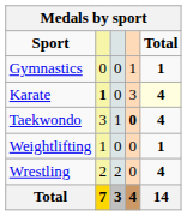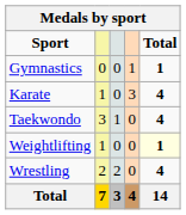 <table class="wikitable" style="font-size:85%;float:right;clear:right;">
 <tr style="background:#efefef;">
 <th colspan=5><strong>Medals by sport</strong></th>
 </tr>
 <tr align=center>
 <td><strong>Sport</strong></td>
 <td bgcolor=#f7f6a8></td>
 <td bgcolor=#dce5e5></td>
 <td bgcolor=#ffdab9></td>
 <td><strong>Total</strong></td>
 </tr>
 <tr align=center>
 <td align="left"><a href='#'>Gymnastics</a></td>
 <td style="background:#F7F6A8;">0</td>
 <td style="background:#DCE5E5;">0</td>
 <td style="background:#FFDAB9;">1</td>
 <td><strong>1</strong></td>
 </tr>
 <tr align=center>
 <td align="left"><a href='#'>Karate</a></td>
-<td style="background:#F7F6A8;"><strong>1</strong></td>
+<td style="background:#F7F6A8;">1</td>
 <td style="background:#DCE5E5;">0</td>
 <td style="background:#FFDAB9;">3</td>
-<td style="background: lightyellow;"><strong>4</strong></td>
+<td><strong>4</strong></td>
 </tr>
 <tr align=center>
 <td align="left"><a href='#'>Taekwondo</a></td>
 <td style="background:#F7F6A8;">3</td>
 <td style="background:#DCE5E5;">1</td>
-<td style="background:#FFDAB9;"><strong>0</strong></td>
+<td style="background:#FFDAB9;">0</td>
 <td><strong>4</strong></td>
 </tr>
 <tr align=center>
 <td align="left"><a href='#'>Weightlifting</a></td>
 <td style="background:#F7F6A8;">1</td>
 <td style="background:#DCE5E5;">0</td>
 <td style="background:#FFDAB9;">0</td>
-<td><strong>1</strong></td>
+<td style="background: lightyellow;"><strong>1</strong></td>
 </tr>
 <tr align=center>
 <td align="left"><a href='#'>Wrestling</a></td>
 <td style="background:#F7F6A8;">2</td>
 <td style="background:#DCE5E5;">2</td>
 <td style="background:#FFDAB9;">0</td>
 <td><strong>4</strong></td>
 </tr>
 <tr align=center>
 <th><strong>Total</strong></th>
 <th style="background:gold;"><strong>7</strong></th>
 <th style="background:silver;"><strong>3</strong></th>
 <th style="background:#c96;"><strong>4</strong></th>
 <th><strong>14</strong></th>
 </tr>
 </table>
